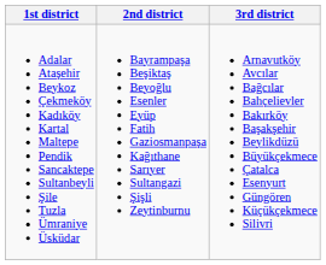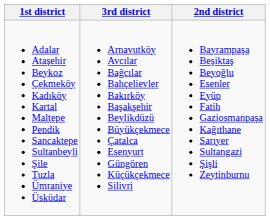 <table class="wikitable">
 <tr>
 <th><a href='#'>1st district</a></th>
+<th><a href='#'>3rd district</a></th>
 <th><a href='#'>2nd district</a></th>
-<th><a href='#'>3rd district</a></th>
 </tr>
 <tr style="vertical-align:top">
 <td><br><ul><li><a href='#'>Adalar</a></li><li><a href='#'>Ataşehir</a></li><li><a href='#'>Beykoz</a></li><li><a href='#'>Çekmeköy</a></li><li><a href='#'>Kadıköy</a></li><li><a href='#'>Kartal</a></li><li><a href='#'>Maltepe</a></li><li><a href='#'>Pendik</a></li><li><a href='#'>Sancaktepe</a></li><li><a href='#'>Sultanbeyli</a></li><li><a href='#'>Şile</a></li><li><a href='#'>Tuzla</a></li><li><a href='#'>Ümraniye</a></li><li><a href='#'>Üsküdar</a></li></ul></td>
+<td><br><ul><li><a href='#'>Arnavutköy</a></li><li><a href='#'>Avcılar</a></li><li><a href='#'>Bağcılar</a></li><li><a href='#'>Bahçelievler</a></li><li><a href='#'>Bakırköy</a></li><li><a href='#'>Başakşehir</a></li><li><a href='#'>Beylikdüzü</a></li><li><a href='#'>Büyükçekmece</a></li><li><a href='#'>Çatalca</a></li><li><a href='#'>Esenyurt</a></li><li><a href='#'>Güngören</a></li><li><a href='#'>Küçükçekmece</a></li><li><a href='#'>Silivri</a></li></ul></td>
 <td><br><ul><li><a href='#'>Bayrampaşa</a></li><li><a href='#'>Beşiktaş</a></li><li><a href='#'>Beyoğlu</a></li><li><a href='#'>Esenler</a></li><li><a href='#'>Eyüp</a></li><li><a href='#'>Fatih</a></li><li><a href='#'>Gaziosmanpaşa</a></li><li><a href='#'>Kağıthane</a></li><li><a href='#'>Sarıyer</a></li><li><a href='#'>Sultangazi</a></li><li><a href='#'>Şişli</a></li><li><a href='#'>Zeytinburnu</a></li></ul></td>
-<td><br><ul><li><a href='#'>Arnavutköy</a></li><li><a href='#'>Avcılar</a></li><li><a href='#'>Bağcılar</a></li><li><a href='#'>Bahçelievler</a></li><li><a href='#'>Bakırköy</a></li><li><a href='#'>Başakşehir</a></li><li><a href='#'>Beylikdüzü</a></li><li><a href='#'>Büyükçekmece</a></li><li><a href='#'>Çatalca</a></li><li><a href='#'>Esenyurt</a></li><li><a href='#'>Güngören</a></li><li><a href='#'>Küçükçekmece</a></li><li><a href='#'>Silivri</a></li></ul></td>
 </tr>
 </table>
